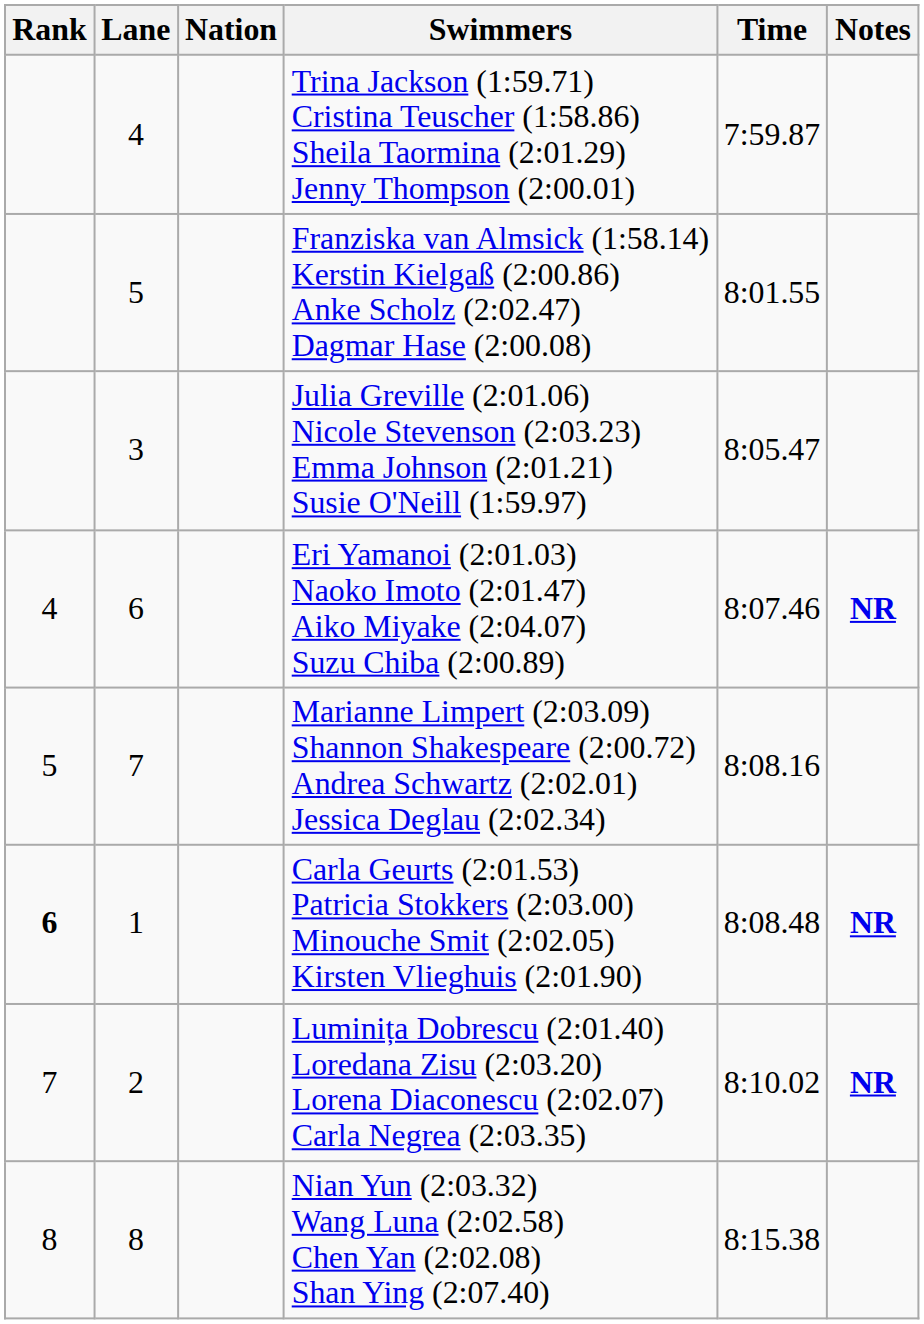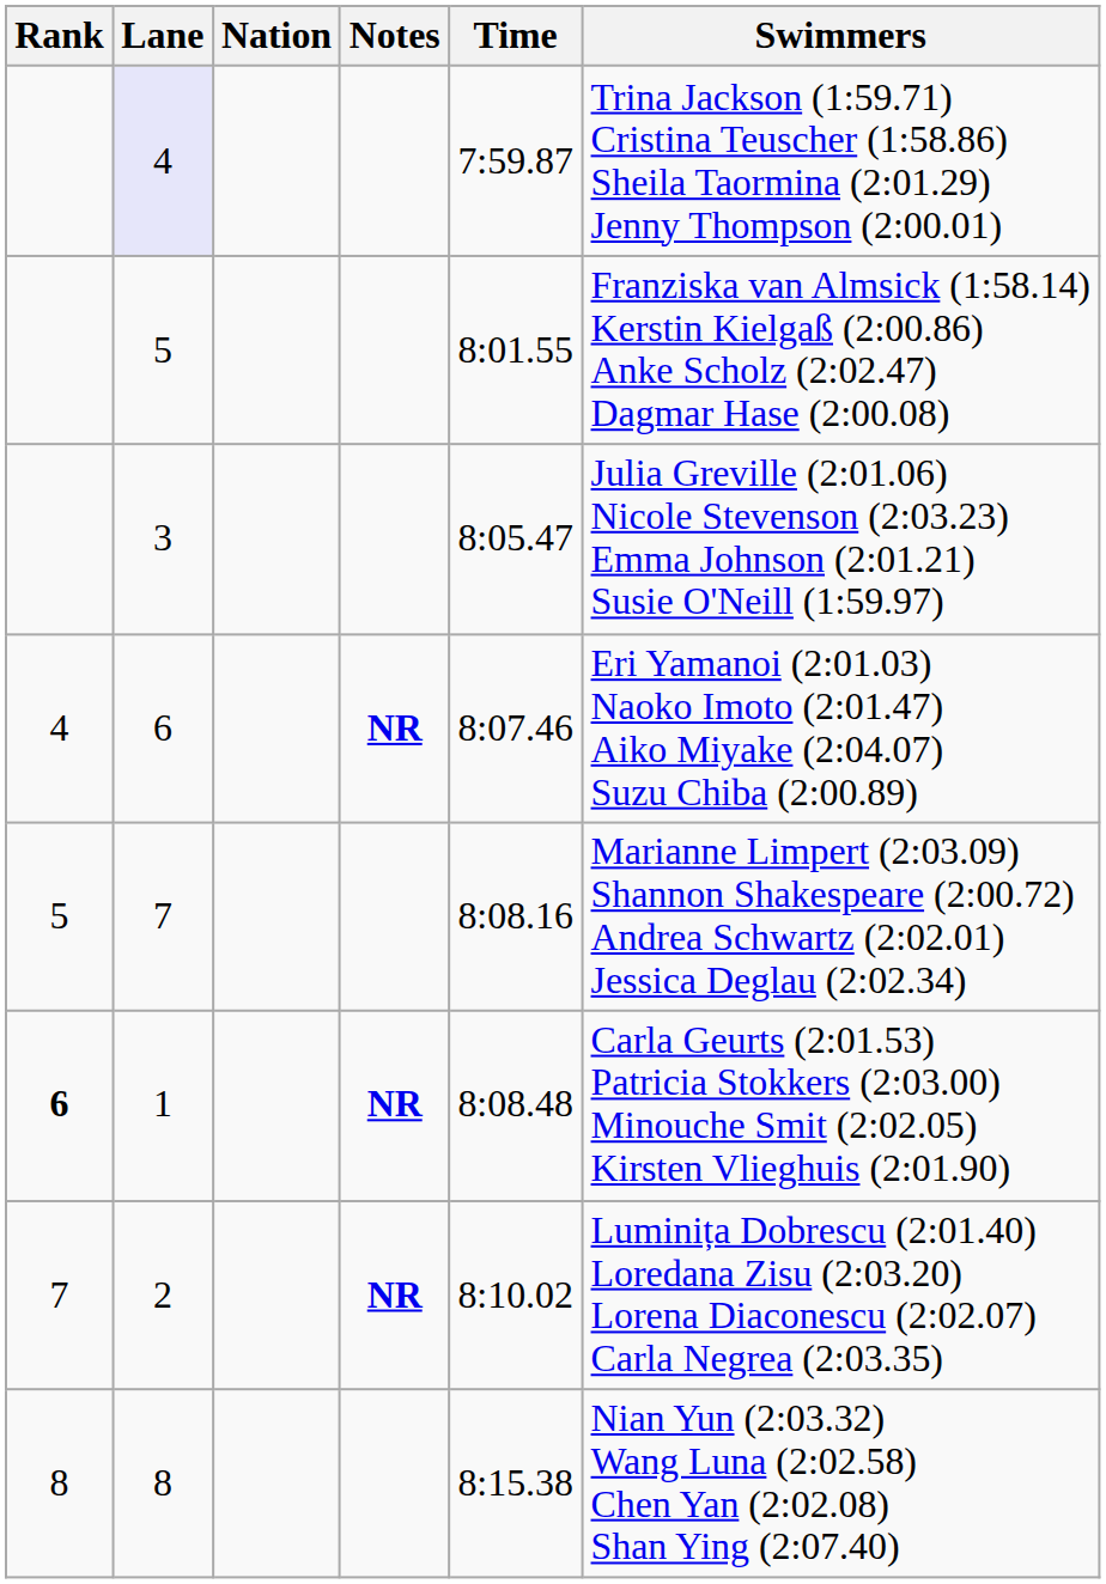 <table class="wikitable sortable" style="text-align:center">
 <tr>
 <th>Rank</th>
 <th>Lane</th>
 <th>Nation</th>
+<th>Notes</th>
+<th>Time</th>
 <th>Swimmers</th>
-<th>Time</th>
-<th>Notes</th>
 </tr>
 <tr>
 <td></td>
-<td>4</td>
+<td style="background: lavender;">4</td>
 <td align=left></td>
+<td></td>
+<td>7:59.87</td>
 <td align=left><a href='#'>Trina Jackson</a> (1:59.71)<br><a href='#'>Cristina Teuscher</a> (1:58.86)<br><a href='#'>Sheila Taormina</a> (2:01.29)<br><a href='#'>Jenny Thompson</a> (2:00.01)</td>
-<td>7:59.87</td>
-<td></td>
 </tr>
 <tr>
 <td></td>
 <td>5</td>
 <td align=left></td>
+<td></td>
+<td>8:01.55</td>
 <td align=left><a href='#'>Franziska van Almsick</a> (1:58.14)<br><a href='#'>Kerstin Kielgaß</a> (2:00.86)<br><a href='#'>Anke Scholz</a> (2:02.47)<br><a href='#'>Dagmar Hase</a> (2:00.08)</td>
-<td>8:01.55</td>
-<td></td>
 </tr>
 <tr>
 <td></td>
 <td>3</td>
 <td align=left></td>
+<td></td>
+<td>8:05.47</td>
 <td align=left><a href='#'>Julia Greville</a> (2:01.06)<br><a href='#'>Nicole Stevenson</a> (2:03.23)<br><a href='#'>Emma Johnson</a> (2:01.21)<br><a href='#'>Susie O'Neill</a> (1:59.97)</td>
-<td>8:05.47</td>
-<td></td>
 </tr>
 <tr>
 <td>4</td>
 <td>6</td>
 <td align=left></td>
+<td><strong><a href='#'>NR</a></strong></td>
+<td>8:07.46</td>
 <td align=left><a href='#'>Eri Yamanoi</a> (2:01.03)<br><a href='#'>Naoko Imoto</a> (2:01.47)<br><a href='#'>Aiko Miyake</a> (2:04.07)<br><a href='#'>Suzu Chiba</a> (2:00.89)</td>
-<td>8:07.46</td>
-<td><strong><a href='#'>NR</a></strong></td>
 </tr>
 <tr>
 <td>5</td>
 <td>7</td>
 <td align=left></td>
+<td></td>
+<td>8:08.16</td>
 <td align=left><a href='#'>Marianne Limpert</a> (2:03.09)<br><a href='#'>Shannon Shakespeare</a> (2:00.72)<br><a href='#'>Andrea Schwartz</a> (2:02.01)<br><a href='#'>Jessica Deglau</a> (2:02.34)</td>
-<td>8:08.16</td>
-<td></td>
 </tr>
 <tr>
 <td><strong>6</strong></td>
 <td>1</td>
 <td align=left></td>
+<td><strong><a href='#'>NR</a></strong></td>
+<td>8:08.48</td>
 <td align=left><a href='#'>Carla Geurts</a> (2:01.53)<br><a href='#'>Patricia Stokkers</a> (2:03.00)<br><a href='#'>Minouche Smit</a> (2:02.05)<br><a href='#'>Kirsten Vlieghuis</a> (2:01.90)</td>
-<td>8:08.48</td>
-<td><strong><a href='#'>NR</a></strong></td>
 </tr>
 <tr>
 <td>7</td>
 <td>2</td>
 <td align=left></td>
+<td><strong><a href='#'>NR</a></strong></td>
+<td>8:10.02</td>
 <td align=left><a href='#'>Luminița Dobrescu</a> (2:01.40)<br><a href='#'>Loredana Zisu</a> (2:03.20)<br><a href='#'>Lorena Diaconescu</a> (2:02.07)<br><a href='#'>Carla Negrea</a> (2:03.35)</td>
-<td>8:10.02</td>
-<td><strong><a href='#'>NR</a></strong></td>
 </tr>
 <tr>
 <td>8</td>
 <td>8</td>
 <td align=left></td>
+<td></td>
+<td>8:15.38</td>
 <td align=left><a href='#'>Nian Yun</a> (2:03.32)<br><a href='#'>Wang Luna</a> (2:02.58)<br><a href='#'>Chen Yan</a> (2:02.08)<br><a href='#'>Shan Ying</a> (2:07.40)</td>
-<td>8:15.38</td>
-<td></td>
 </tr>
 </table>
